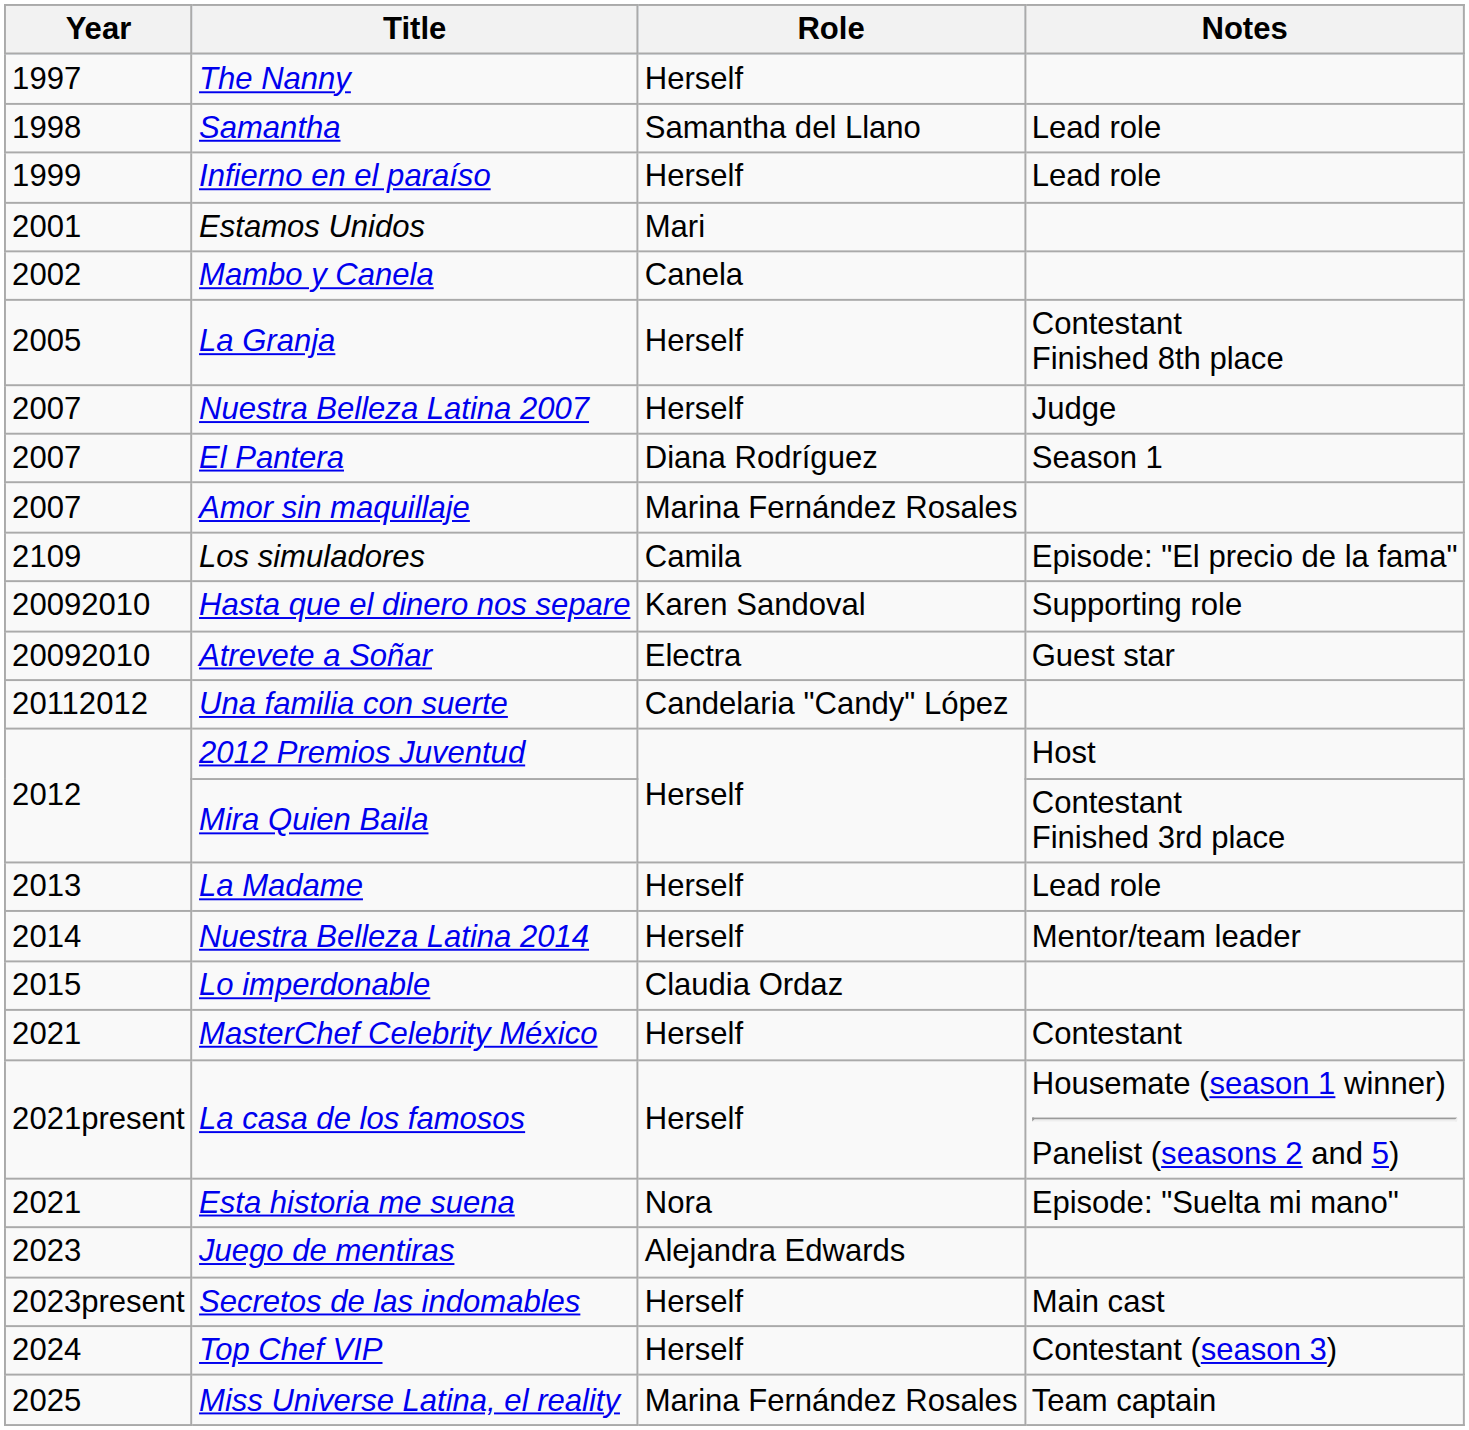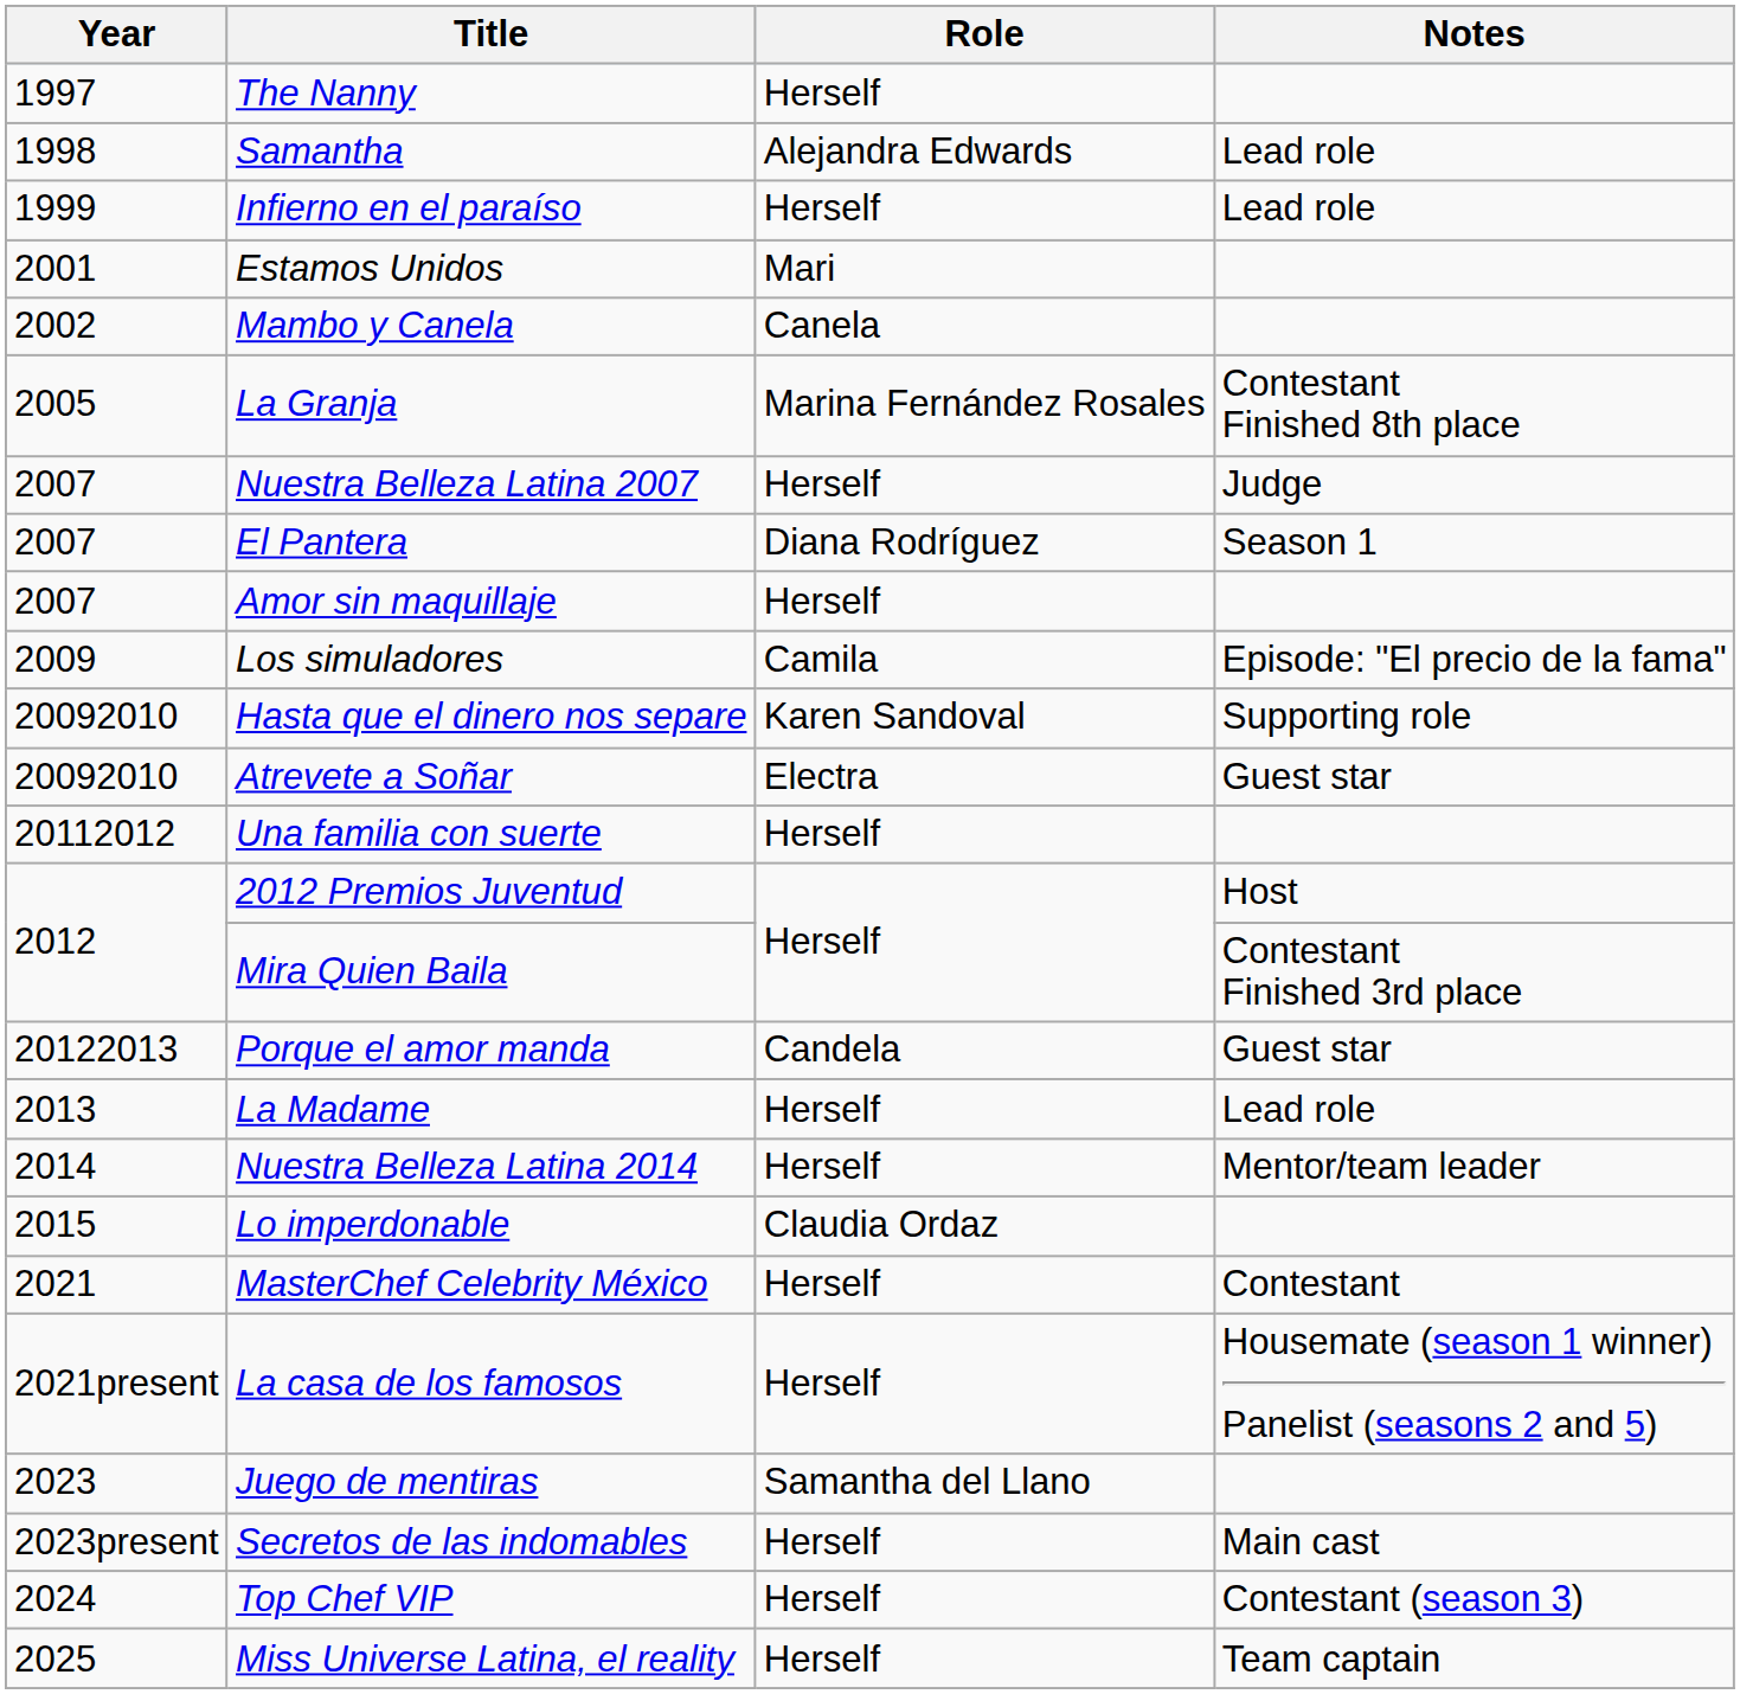 <table class="wikitable">
 <tr style="background:#b0c4de;">
 <th>Year</th>
 <th>Title</th>
 <th>Role</th>
 <th>Notes</th>
 </tr>
 <tr>
 <td>1997</td>
 <td><em><a href='#'>The Nanny</a></em></td>
 <td>Herself</td>
 <td></td>
 </tr>
 <tr>
 <td>1998</td>
 <td><em><a href='#'>Samantha</a></em></td>
-<td>Samantha del Llano</td>
+<td>Alejandra Edwards</td>
 <td>Lead role</td>
 </tr>
 <tr>
 <td>1999</td>
 <td><em><a href='#'>Infierno en el paraíso</a></em></td>
 <td>Herself</td>
 <td>Lead role</td>
 </tr>
 <tr>
 <td>2001</td>
 <td><em>Estamos Unidos </em></td>
 <td>Mari</td>
 <td></td>
 </tr>
 <tr>
 <td>2002</td>
 <td><em><a href='#'>Mambo y Canela</a></em></td>
 <td>Canela</td>
 <td></td>
 </tr>
 <tr>
 <td>2005</td>
 <td><em><a href='#'>La Granja</a></em></td>
-<td>Herself</td>
+<td>Marina Fernández Rosales</td>
 <td>Contestant<br>Finished 8th place</td>
 </tr>
 <tr>
 <td>2007</td>
 <td><em><a href='#'>Nuestra Belleza Latina 2007</a></em></td>
 <td>Herself</td>
 <td>Judge</td>
 </tr>
 <tr>
 <td>2007</td>
 <td><em><a href='#'>El Pantera</a></em></td>
 <td>Diana Rodríguez</td>
 <td>Season 1</td>
 </tr>
 <tr>
 <td>2007</td>
 <td><em><a href='#'>Amor sin maquillaje</a></em></td>
-<td>Marina Fernández Rosales</td>
+<td>Herself</td>
 <td></td>
 </tr>
 <tr>
-<td>2109</td>
+<td>2009</td>
 <td><em>Los simuladores</em></td>
 <td>Camila</td>
 <td>Episode: "El precio de la fama"</td>
 </tr>
 <tr>
 <td>20092010</td>
 <td><em><a href='#'>Hasta que el dinero nos separe</a></em></td>
 <td>Karen Sandoval</td>
 <td>Supporting role</td>
 </tr>
 <tr>
 <td>20092010</td>
 <td><em><a href='#'>Atrevete a Soñar</a></em></td>
 <td>Electra</td>
 <td>Guest star</td>
 </tr>
 <tr>
 <td>20112012</td>
 <td><em><a href='#'>Una familia con suerte</a></em></td>
-<td>Candelaria "Candy" López</td>
+<td>Herself</td>
 <td></td>
 </tr>
 <tr>
 <td rowspan=2>2012</td>
 <td><em><a href='#'>2012 Premios Juventud</a></em></td>
 <td rowspan=2>Herself</td>
 <td>Host</td>
 </tr>
 <tr>
 <td><em><a href='#'>Mira Quien Baila</a></em></td>
 <td>Contestant<br>Finished 3rd place</td>
+</tr>
+<tr>
+<td>20122013</td>
+<td><em><a href='#'>Porque el amor manda</a></em></td>
+<td>Candela</td>
+<td>Guest star</td>
 </tr>
 <tr>
 <td>2013</td>
 <td><em><a href='#'>La Madame</a></em></td>
 <td>Herself</td>
 <td>Lead role</td>
 </tr>
 <tr>
 <td>2014</td>
 <td><em><a href='#'>Nuestra Belleza Latina 2014</a></em></td>
 <td>Herself</td>
 <td>Mentor/team leader</td>
 </tr>
 <tr>
 <td>2015</td>
 <td><em><a href='#'>Lo imperdonable</a></em></td>
 <td>Claudia Ordaz</td>
 <td></td>
 </tr>
 <tr>
 <td>2021</td>
 <td><em><a href='#'>MasterChef Celebrity México</a></em></td>
 <td>Herself</td>
 <td>Contestant</td>
 </tr>
 <tr>
 <td>2021present</td>
 <td><em><a href='#'>La casa de los famosos</a></em></td>
 <td>Herself</td>
 <td>Housemate (<a href='#'>season 1</a> winner)<hr>Panelist (<a href='#'>seasons 2</a> and <a href='#'>5</a>)</td>
 </tr>
 <tr>
-<td>2021</td>
-<td><em><a href='#'>Esta historia me suena</a></em></td>
-<td>Nora</td>
-<td>Episode: "Suelta mi mano"</td>
-</tr>
-<tr>
 <td>2023</td>
 <td><em><a href='#'>Juego de mentiras</a></em></td>
-<td>Alejandra Edwards</td>
+<td>Samantha del Llano</td>
 <td></td>
 </tr>
 <tr>
 <td>2023present</td>
 <td><em><a href='#'>Secretos de las indomables</a></em></td>
 <td>Herself</td>
 <td>Main cast</td>
 </tr>
 <tr>
 <td>2024</td>
 <td><em><a href='#'>Top Chef VIP</a></em></td>
 <td>Herself</td>
 <td>Contestant (<a href='#'>season 3</a>)</td>
 </tr>
 <tr>
 <td>2025</td>
 <td><em><a href='#'>Miss Universe Latina, el reality</a></em></td>
-<td>Marina Fernández Rosales</td>
+<td>Herself</td>
 <td>Team captain</td>
 </tr>
 </table>
